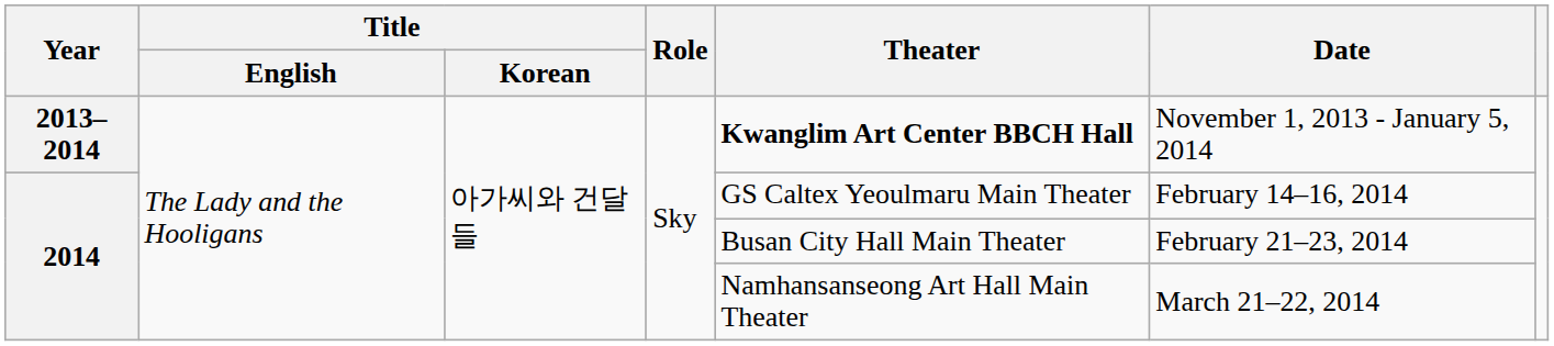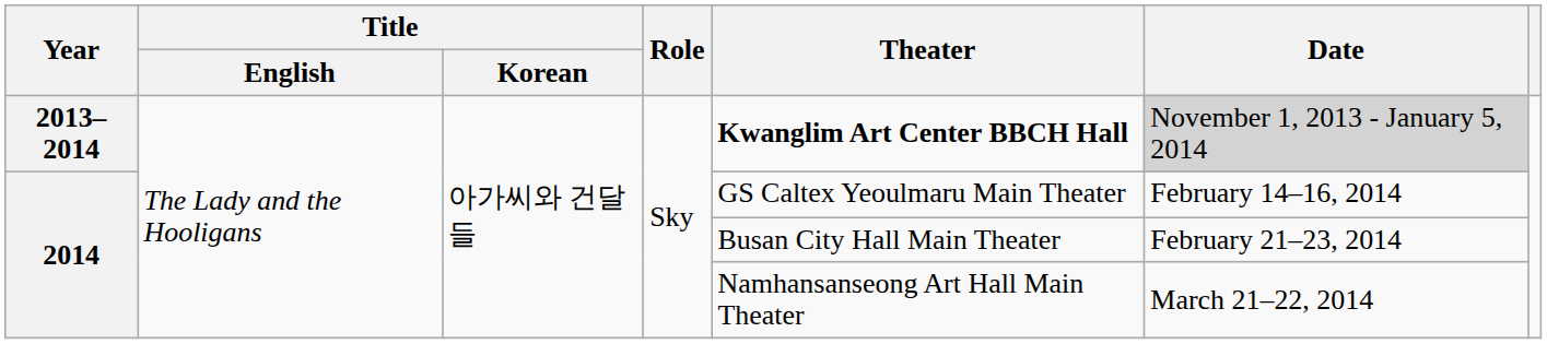 <table class="wikitable sortable plainrowheaders">
 <tr>
 <th rowspan="2" scope="col">Year</th>
 <th colspan="2" scope="col">Title</th>
 <th rowspan="2" scope="col">Role</th>
 <th rowspan="2" scope="col">Theater</th>
 <th rowspan="2" scope="col" class="sortable">Date</th>
 <th rowspan="2" scope="col" class="unsortable"></th>
 </tr>
 <tr>
 <th>English</th>
 <th>Korean</th>
 </tr>
 <tr>
 <th scope="row">2013–2014</th>
 <td rowspan="4"><em>The Lady and the Hooligans</em></td>
 <td rowspan="4">아가씨와 건달들</td>
 <td rowspan="4">Sky</td>
 <td><strong>Kwanglim Art Center BBCH Hall</strong></td>
-<td>November 1, 2013 - January 5, 2014</td>
+<td style="background: lightgrey;">November 1, 2013 - January 5, 2014</td>
 <td rowspan="4"></td>
 </tr>
 <tr>
 <th rowspan="3" scope="row">2014</th>
 <td>GS Caltex Yeoulmaru Main Theater</td>
 <td>February 14–16, 2014</td>
 </tr>
 <tr>
 <td>Busan City Hall Main Theater</td>
 <td>February 21–23, 2014</td>
 </tr>
 <tr>
 <td>Namhansanseong Art Hall Main Theater</td>
 <td>March 21–22, 2014</td>
 </tr>
 </table>
